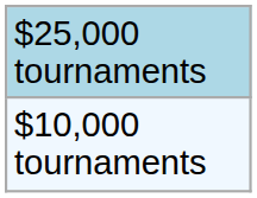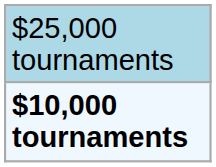 <table class="wikitable" style="font-size:85%;" width=11%>
 <tr bgcolor=lightblue>
 <td>$25,000 tournaments</td>
 </tr>
 <tr bgcolor=f0f8ff>
-<td>$10,000 tournaments</td>
+<td><strong>$10,000 tournaments</strong></td>
 </tr>
 </table>
